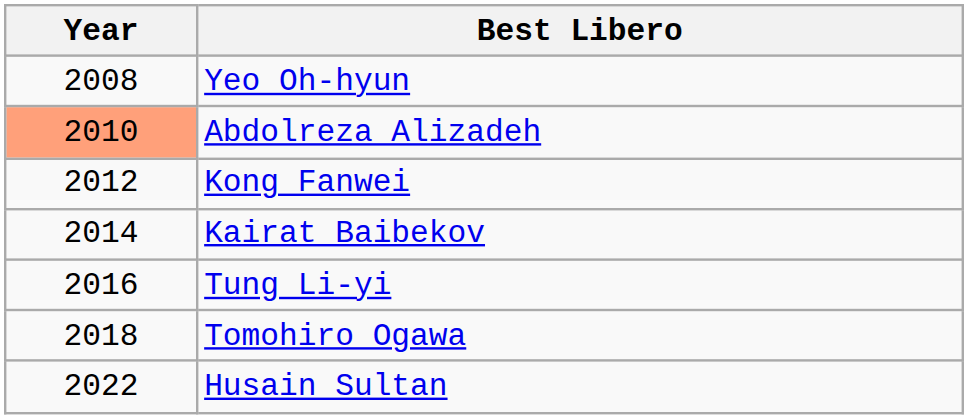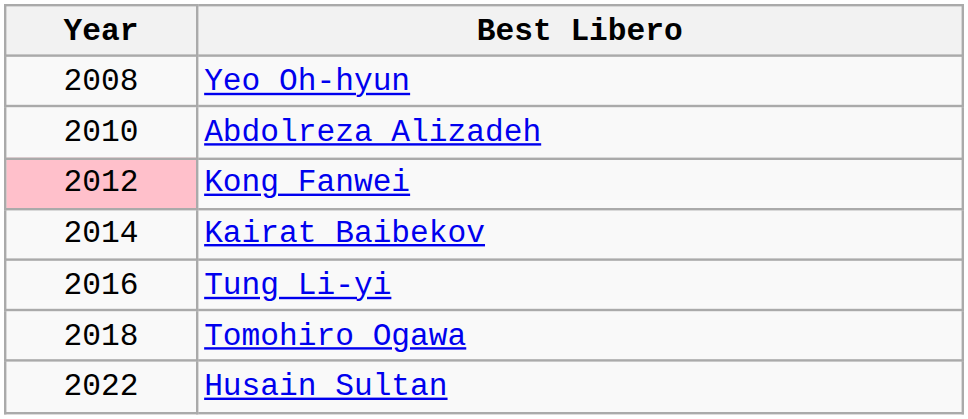 <table class="wikitable" style="width: 400px;">
 <tr>
 <th style="width: 20%;">Year</th>
 <th style="width: 80%;">Best Libero</th>
 </tr>
 <tr>
 <td align=center>2008</td>
 <td> <a href='#'>Yeo Oh-hyun</a></td>
 </tr>
 <tr>
-<td align=center style="background: lightsalmon;">2010</td>
+<td align=center>2010</td>
 <td> <a href='#'>Abdolreza Alizadeh</a></td>
 </tr>
 <tr>
-<td align=center>2012</td>
+<td align=center style="background: pink;">2012</td>
 <td> <a href='#'>Kong Fanwei</a></td>
 </tr>
 <tr>
 <td align=center>2014</td>
 <td> <a href='#'>Kairat Baibekov</a></td>
 </tr>
 <tr>
 <td align=center>2016</td>
 <td> <a href='#'>Tung Li-yi</a></td>
 </tr>
 <tr>
 <td align=center>2018</td>
 <td> <a href='#'>Tomohiro Ogawa</a></td>
 </tr>
 <tr>
 <td align=center>2022</td>
 <td> <a href='#'>Husain Sultan</a></td>
 </tr>
 </table>
